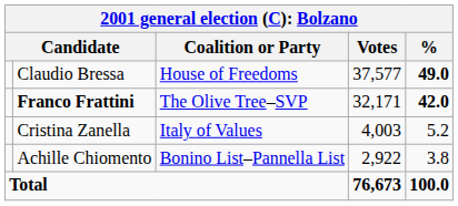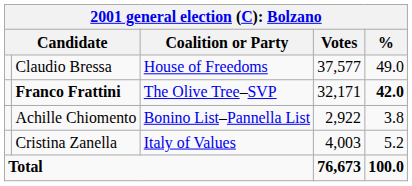 <table class=wikitable style=text-align:right>
 <tr>
 <th colspan=5><a href='#'>2001 general election</a> (<a href='#'>C</a>): <a href='#'>Bolzano</a></th>
 </tr>
 <tr>
 <th colspan=2>Candidate</th>
 <th>Coalition or Party</th>
 <th>Votes</th>
 <th>%</th>
 </tr>
 <tr>
 <td></td>
 <td align=left>Claudio Bressa</td>
 <td align=left><a href='#'>House of Freedoms</a></td>
 <td>37,577</td>
-<td><strong>49.0</strong></td>
+<td>49.0</td>
 </tr>
 <tr>
 <td></td>
 <td align=left><strong>Franco Frattini</strong></td>
 <td align=left><a href='#'>The Olive Tree</a>–<a href='#'>SVP</a></td>
 <td>32,171</td>
 <td><strong>42.0</strong></td>
 </tr>
 <tr>
 <td></td>
+<td align=left>Achille Chiomento</td>
+<td align=left><a href='#'>Bonino List</a>–<a href='#'>Pannella List</a></td>
+<td>2,922</td>
+<td>3.8</td>
+</tr>
+<tr>
+<td></td>
 <td align=left>Cristina Zanella</td>
 <td align=left><a href='#'>Italy of Values</a></td>
 <td>4,003</td>
 <td>5.2</td>
-</tr>
-<tr>
-<td></td>
-<td align=left>Achille Chiomento</td>
-<td align=left><a href='#'>Bonino List</a>–<a href='#'>Pannella List</a></td>
-<td>2,922</td>
-<td>3.8</td>
 </tr>
 <tr>
 <td align=left colspan=3><strong>Total</strong></td>
 <td><strong>76,673</strong></td>
 <td><strong>100.0</strong></td>
 </tr>
 </table>
